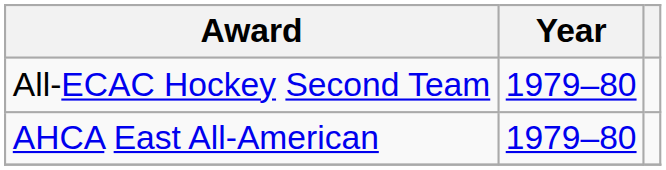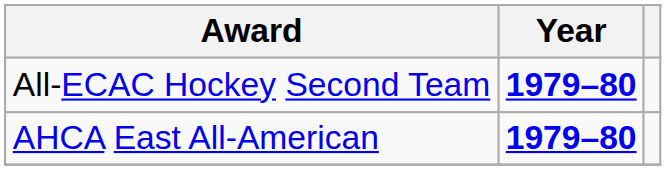 <table class="wikitable">
 <tr>
 <th>Award</th>
 <th>Year</th>
 <th></th>
 </tr>
 <tr>
 <td>All-<a href='#'>ECAC Hockey</a> <a href='#'>Second Team</a></td>
-<td><a href='#'>1979–80</a></td>
+<td><strong><a href='#'>1979–80</a></strong></td>
 <td></td>
 </tr>
 <tr>
 <td><a href='#'>AHCA</a> <a href='#'>East All-American</a></td>
-<td><a href='#'>1979–80</a></td>
+<td><strong><a href='#'>1979–80</a></strong></td>
 <td></td>
 </tr>
 <tr>
 </tr>
 </table>
